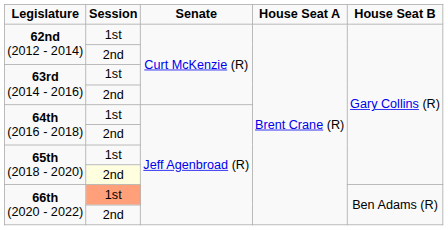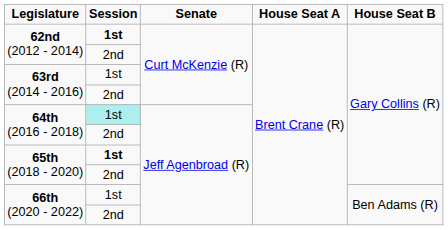 <table class=wikitable style="text-align:center">
 <tr>
 <td><strong>Legislature</strong></td>
 <td><strong>Session</strong></td>
 <td><strong>Senate</strong></td>
 <td><strong>House Seat A</strong></td>
 <td><strong>House Seat B</strong></td>
 </tr>
 <tr>
 <td rowspan="2" colspan="1" style="text-align: center;"><strong>62nd</strong> <br> (2012 - 2014)</td>
-<td>1st</td>
+<td><strong>1st</strong></td>
 <td rowspan="4" colspan="1" style="text-align: center;" ><a href='#'>Curt McKenzie</a> (R)</td>
 <td rowspan="10" colspan="1" style="text-align: center;" ><a href='#'>Brent Crane</a> (R)</td>
 <td rowspan="8" colspan="1" style="text-align: center;" ><a href='#'>Gary Collins</a> (R)</td>
 </tr>
 <tr>
 <td>2nd</td>
 </tr>
 <tr>
 <td rowspan="2" colspan="1" style="text-align: center;"><strong>63rd</strong> <br> (2014 - 2016)</td>
 <td>1st</td>
 </tr>
 <tr>
 <td>2nd</td>
 </tr>
 <tr>
 <td rowspan="2" colspan="1" style="text-align: center;"><strong>64th</strong> <br> (2016 - 2018)</td>
-<td>1st</td>
+<td style="background: paleturquoise;">1st</td>
 <td rowspan="6" colspan="1" style="text-align: center;" ><a href='#'>Jeff Agenbroad</a> (R)</td>
 </tr>
 <tr>
 <td>2nd</td>
 </tr>
 <tr>
 <td rowspan="2" colspan="1" style="text-align: center;"><strong>65th</strong> <br> (2018 - 2020)</td>
-<td>1st</td>
+<td><strong>1st</strong></td>
 </tr>
 <tr>
-<td style="background: lightyellow;">2nd</td>
+<td>2nd</td>
 </tr>
 <tr>
 <td rowspan="2" colspan="1" style="text-align: center;"><strong>66th</strong> <br> (2020 - 2022)</td>
-<td style="background: lightsalmon;">1st</td>
+<td>1st</td>
 <td rowspan="2" colspan="1" style="text-align: center;" >Ben Adams (R)</td>
 </tr>
 <tr>
 <td>2nd</td>
 </tr>
 </table>
